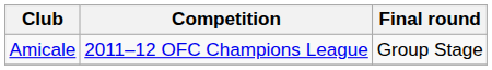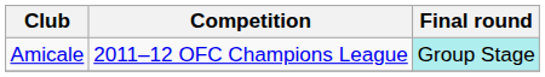 <table class="wikitable">
 <tr>
 <th>Club</th>
 <th>Competition</th>
 <th>Final round</th>
 </tr>
 <tr>
 <td rowspan=1><a href='#'>Amicale</a></td>
 <td><a href='#'>2011–12 OFC Champions League</a></td>
-<td>Group Stage</td>
+<td style="background: paleturquoise;">Group Stage</td>
 </tr>
 <tr>
 </tr>
 </table>
